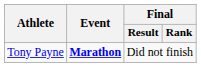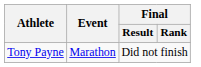 <table class=wikitable style=font-size:90%>
 <tr>
 <th rowspan=2>Athlete</th>
 <th rowspan=2>Event</th>
 <th colspan=2>Final</th>
 </tr>
 <tr style=font-size:95%>
 <th>Result</th>
 <th>Rank</th>
 </tr>
 <tr align=center>
 <td align=left><a href='#'>Tony Payne</a></td>
-<td align=left><strong><a href='#'>Marathon</a></strong></td>
+<td align=left><a href='#'>Marathon</a></td>
 <td colspan=2>Did not finish</td>
 </tr>
 </table>
